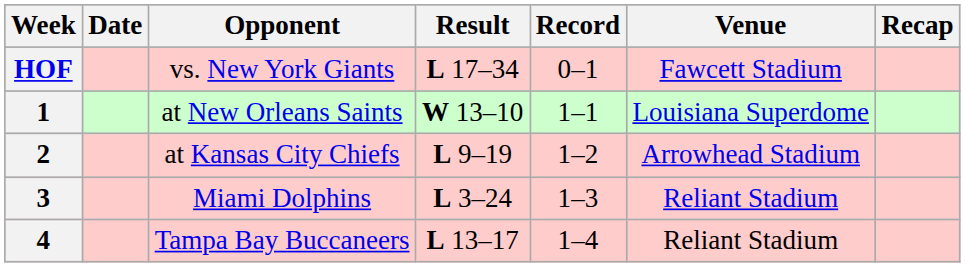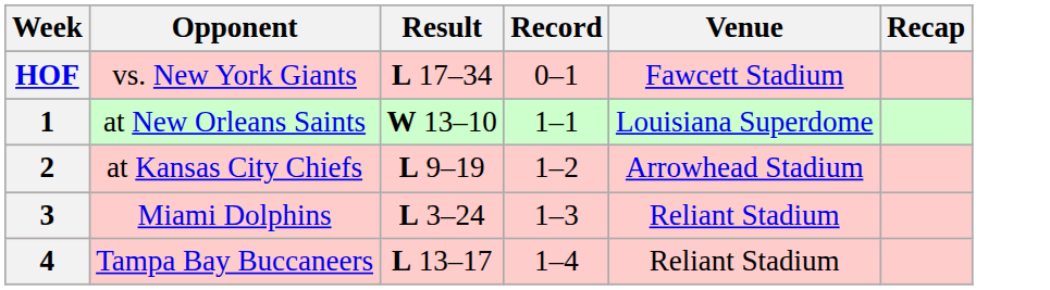 <table class="wikitable" style="text-align:center">
 <tr>
 <th>Week</th>
-<th>Date</th>
 <th>Opponent</th>
 <th>Result</th>
 <th>Record</th>
 <th>Venue</th>
 <th>Recap</th>
 </tr>
 <tr style="background:#fcc">
 <th><a href='#'>HOF</a></th>
-<td></td>
 <td>vs. <a href='#'>New York Giants</a></td>
 <td><strong>L</strong> 17–34</td>
 <td>0–1</td>
 <td><a href='#'>Fawcett Stadium</a> </td>
 <td></td>
 </tr>
 <tr style="background:#cfc">
 <th>1</th>
-<td></td>
 <td>at <a href='#'>New Orleans Saints</a></td>
 <td><strong>W</strong> 13–10</td>
 <td>1–1</td>
 <td><a href='#'>Louisiana Superdome</a></td>
 <td></td>
 </tr>
 <tr style="background:#fcc">
 <th>2</th>
-<td></td>
 <td>at <a href='#'>Kansas City Chiefs</a></td>
 <td><strong>L</strong> 9–19</td>
 <td>1–2</td>
 <td><a href='#'>Arrowhead Stadium</a></td>
 <td></td>
 </tr>
 <tr style="background:#fcc">
 <th>3</th>
-<td></td>
 <td><a href='#'>Miami Dolphins</a></td>
 <td><strong>L</strong> 3–24</td>
 <td>1–3</td>
 <td><a href='#'>Reliant Stadium</a></td>
 <td></td>
 </tr>
 <tr style="background:#fcc">
 <th>4</th>
-<td></td>
 <td><a href='#'>Tampa Bay Buccaneers</a></td>
 <td><strong>L</strong> 13–17</td>
 <td>1–4</td>
 <td>Reliant Stadium</td>
 <td></td>
 </tr>
 </table>
